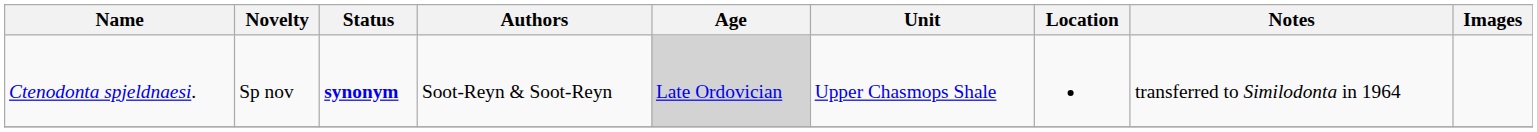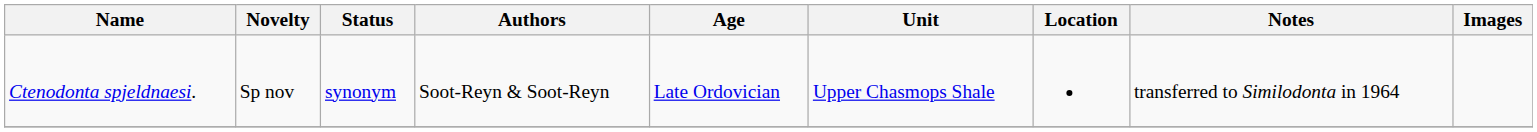 <table class="wikitable sortable" align="center" width="100%">
 <tr>
 <th>Name</th>
 <th>Novelty</th>
 <th>Status</th>
 <th>Authors</th>
 <th>Age</th>
 <th>Unit</th>
 <th>Location</th>
 <th>Notes</th>
 <th>Images</th>
 </tr>
 <tr>
 <td><br><em><a href='#'>Ctenodonta spjeldnaesi</a></em>.</td>
 <td><br>Sp nov</td>
-<td><strong><br><a href='#'>synonym</a></strong></td>
+<td><br><a href='#'>synonym</a></td>
 <td><br>Soot-Reyn & Soot-Reyn</td>
-<td style="background: lightgrey;"><br><a href='#'>Late Ordovician</a></td>
+<td><br><a href='#'>Late Ordovician</a></td>
 <td><br><a href='#'>Upper Chasmops Shale</a></td>
 <td><br><ul><li></li></ul></td>
 <td><br>transferred to <em>Similodonta</em> in 1964</td>
 <td></td>
 </tr>
 <tr>
 </tr>
 </table>
